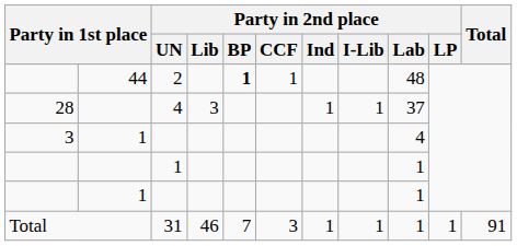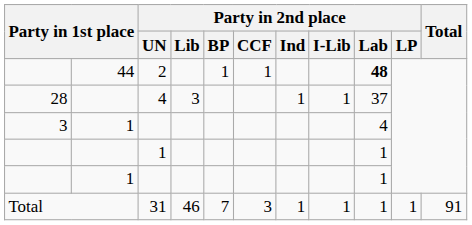 <table class="wikitable" style="text-align:right;">
 <tr>
 <th rowspan="2" colspan="2" style="text-align:left;">Party in 1st place</th>
 <th colspan="8">Party in 2nd place</th>
 <th rowspan="2">Total</th>
 </tr>
 <tr>
 <th>UN</th>
 <th>Lib</th>
 <th>BP</th>
 <th>CCF</th>
 <th>Ind</th>
 <th>I-Lib</th>
 <th>Lab</th>
 <th>LP</th>
 </tr>
 <tr>
 <td></td>
 <td>44</td>
 <td>2</td>
 <td></td>
-<td><strong>1</strong></td>
+<td>1</td>
 <td>1</td>
 <td></td>
 <td></td>
-<td>48</td>
+<td><strong>48</strong></td>
 </tr>
 <tr>
 <td>28</td>
 <td></td>
 <td>4</td>
 <td>3</td>
 <td></td>
 <td></td>
 <td>1</td>
 <td>1</td>
 <td>37</td>
 </tr>
 <tr>
 <td>3</td>
 <td>1</td>
 <td></td>
 <td></td>
 <td></td>
 <td></td>
 <td></td>
 <td></td>
 <td>4</td>
 </tr>
 <tr>
 <td></td>
 <td></td>
 <td>1</td>
 <td></td>
 <td></td>
 <td></td>
 <td></td>
 <td></td>
 <td>1</td>
 </tr>
 <tr>
 <td></td>
 <td>1</td>
 <td></td>
 <td></td>
 <td></td>
 <td></td>
 <td></td>
 <td></td>
 <td>1</td>
 </tr>
 <tr>
 <td colspan="2" style="text-align:left;">Total</td>
 <td>31</td>
 <td>46</td>
 <td>7</td>
 <td>3</td>
 <td>1</td>
 <td>1</td>
 <td>1</td>
 <td>1</td>
 <td>91</td>
 </tr>
 </table>
